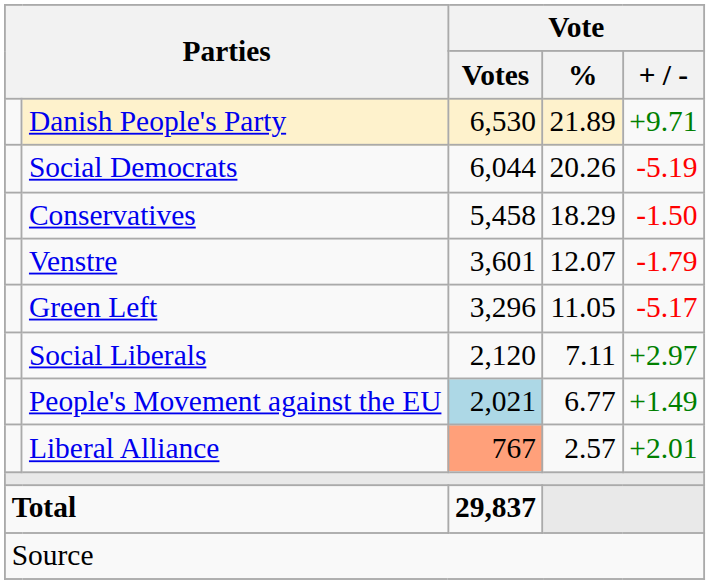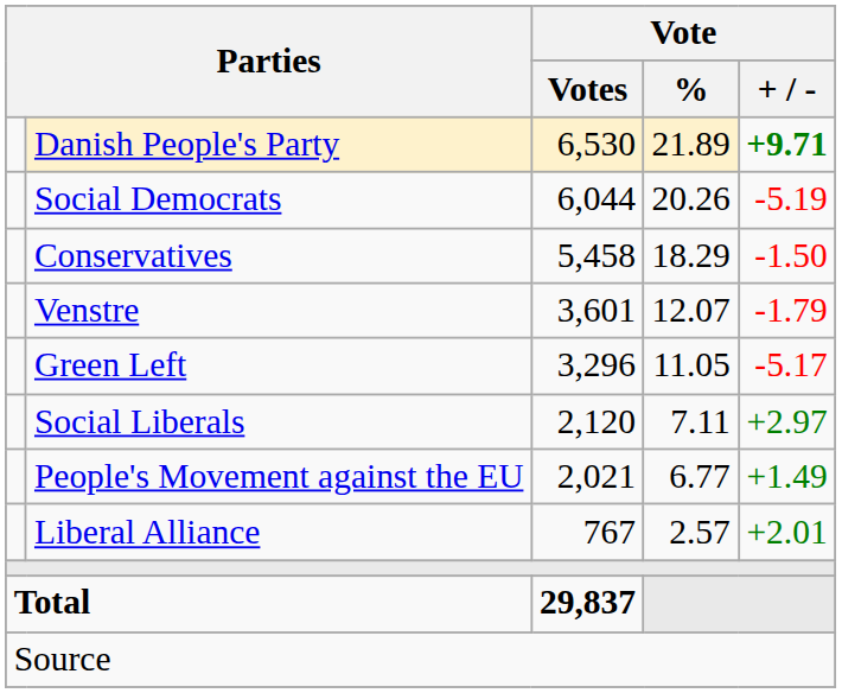 <table class="wikitable" style="text-align:right;">
 <tr>
 <th style="text-align:centre;" rowspan="2" colspan="2" width="225">Parties</th>
 <th colspan="3">Vote</th>
 </tr>
 <tr>
 <th width="15">Votes</th>
 <th width="15">%</th>
 <th width="15">+ / -</th>
 </tr>
 <tr>
 <td width="2" style="color:inherit;background:"></td>
 <td bgcolor=#fef2cc   align="left"><a href='#'>Danish People's Party</a></td>
 <td bgcolor=#fef2cc>6,530</td>
 <td bgcolor=#fef2cc>21.89</td>
-<td style=color:green;>+9.71</td>
+<td style=color:green;><strong>+9.71</strong></td>
 </tr>
 <tr>
 <td width="2" style="color:inherit;background:"></td>
 <td align="left"><a href='#'>Social Democrats</a></td>
 <td>6,044</td>
 <td>20.26</td>
 <td style=color:red;>-5.19</td>
 </tr>
 <tr>
 <td width="2" style="color:inherit;background:"></td>
 <td align="left"><a href='#'>Conservatives</a></td>
 <td>5,458</td>
 <td>18.29</td>
 <td style=color:red;>-1.50</td>
 </tr>
 <tr>
 <td width="2" style="color:inherit;background:"></td>
 <td align="left"><a href='#'>Venstre</a></td>
 <td>3,601</td>
 <td>12.07</td>
 <td style=color:red;>-1.79</td>
 </tr>
 <tr>
 <td width="2" style="color:inherit;background:"></td>
 <td align="left"><a href='#'>Green Left</a></td>
 <td>3,296</td>
 <td>11.05</td>
 <td style=color:red;>-5.17</td>
 </tr>
 <tr>
 <td width="2" style="color:inherit;background:"></td>
 <td align="left"><a href='#'>Social Liberals</a></td>
 <td>2,120</td>
 <td>7.11</td>
 <td style=color:green;>+2.97</td>
 </tr>
 <tr>
 <td width="2" style="color:inherit;background:"></td>
 <td align="left"><a href='#'>People's Movement against the EU</a></td>
-<td style="background: lightblue;">2,021</td>
+<td>2,021</td>
 <td>6.77</td>
 <td style=color:green;>+1.49</td>
 </tr>
 <tr>
 <td width="2" style="color:inherit;background:"></td>
 <td align="left"><a href='#'>Liberal Alliance</a></td>
-<td style="background: lightsalmon;">767</td>
+<td>767</td>
 <td>2.57</td>
 <td style=color:green;>+2.01</td>
 </tr>
 <tr>
 <td colspan="7" bgcolor="#E9E9E9"></td>
 </tr>
 <tr>
 <td align="left" colspan="2"><strong>Total</strong></td>
 <td><strong>29,837</strong></td>
 <td bgcolor="#E9E9E9" colspan="2"></td>
 </tr>
 <tr>
 <td align="left" colspan="6">Source</td>
 </tr>
 </table>
